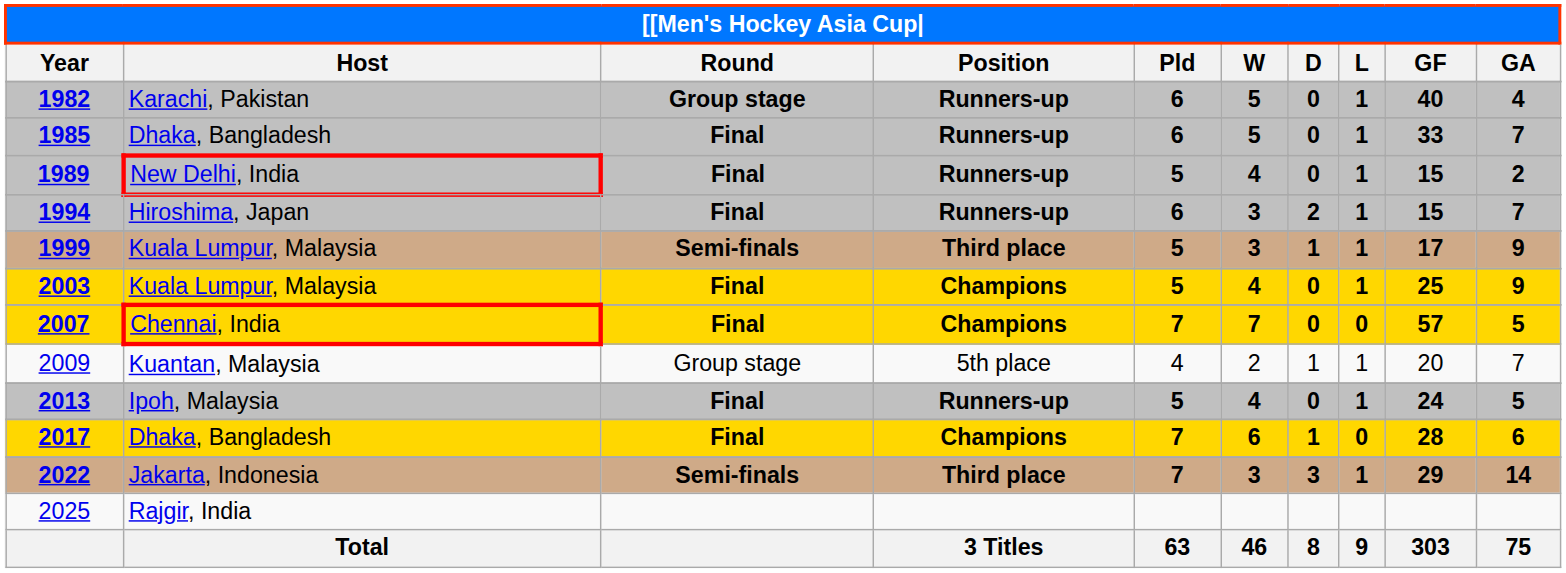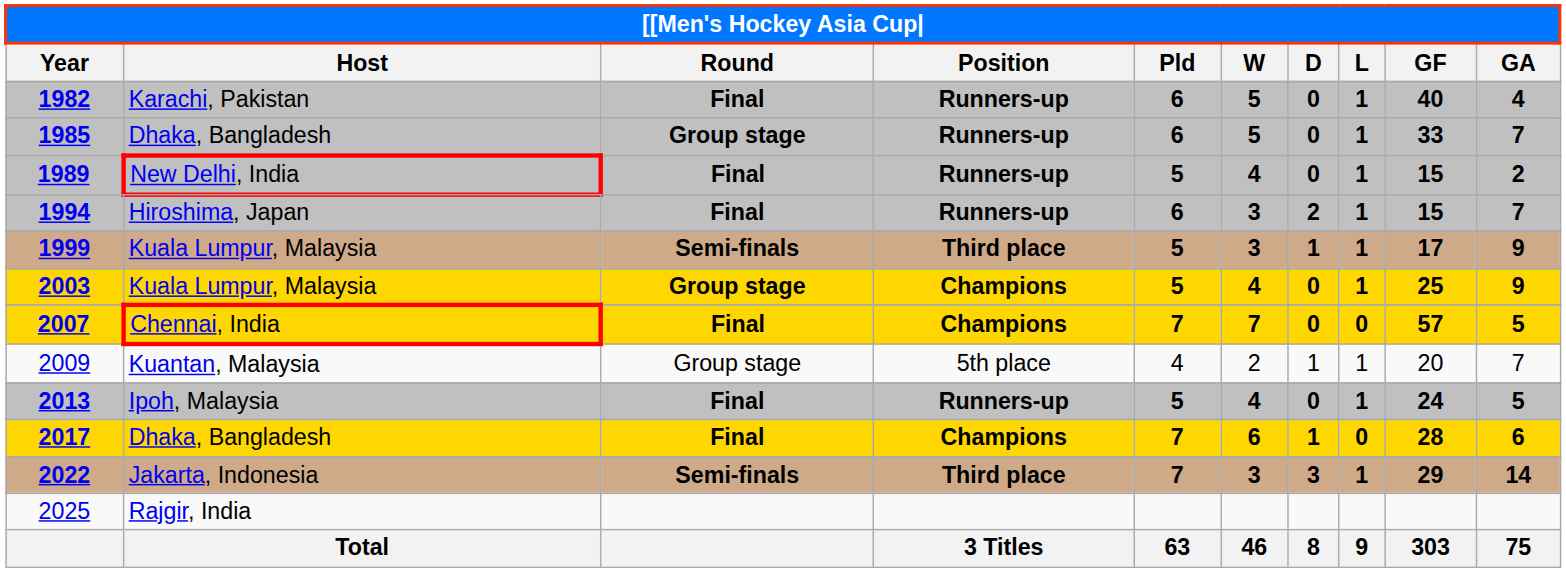 <table class="wikitable" style="text-align: center; width:85%">
 <tr>
 <th colspan=10 style="background: #0077FF;border: 2px solid #ff3300;color: #FFFFFF;">[[Men's Hockey Asia Cup|</th>
 </tr>
 <tr>
 <th>Year</th>
 <th>Host</th>
 <th>Round</th>
 <th>Position</th>
 <th>Pld</th>
 <th>W</th>
 <th>D</th>
 <th>L</th>
 <th>GF</th>
 <th>GA</th>
 </tr>
 <tr>
 </tr>
 <tr bgcolor=silver>
 <td><strong><a href='#'>1982</a></strong></td>
 <td align=left> <a href='#'>Karachi</a>, Pakistan</td>
-<td><strong>Group stage</strong></td>
+<td><strong>Final</strong></td>
 <td><strong>Runners-up</strong></td>
 <td><strong>6</strong></td>
 <td><strong>5</strong></td>
 <td><strong>0</strong></td>
 <td><strong>1</strong></td>
 <td><strong>40</strong></td>
 <td><strong>4</strong></td>
 </tr>
 <tr>
 </tr>
 <tr bgcolor=silver>
 <td><strong><a href='#'>1985</a></strong></td>
 <td align=left> <a href='#'>Dhaka</a>, Bangladesh</td>
-<td><strong>Final</strong></td>
+<td><strong>Group stage</strong></td>
 <td><strong>Runners-up</strong></td>
 <td><strong>6</strong></td>
 <td><strong>5</strong></td>
 <td><strong>0</strong></td>
 <td><strong>1</strong></td>
 <td><strong>33</strong></td>
 <td><strong>7</strong></td>
 </tr>
 <tr>
 </tr>
 <tr bgcolor=silver>
 <td><strong><a href='#'>1989</a></strong></td>
 <td style="border: 3px solid red"align=left> <a href='#'>New Delhi</a>, India</td>
 <td><strong>Final</strong></td>
 <td><strong>Runners-up</strong></td>
 <td><strong>5</strong></td>
 <td><strong>4</strong></td>
 <td><strong>0</strong></td>
 <td><strong>1</strong></td>
 <td><strong>15</strong></td>
 <td><strong>2</strong></td>
 </tr>
 <tr>
 </tr>
 <tr bgcolor=silver>
 <td><strong><a href='#'>1994</a></strong></td>
 <td align=left> <a href='#'>Hiroshima</a>, Japan</td>
 <td><strong>Final</strong></td>
 <td><strong>Runners-up</strong></td>
 <td><strong>6</strong></td>
 <td><strong>3</strong></td>
 <td><strong>2</strong></td>
 <td><strong>1</strong></td>
 <td><strong>15</strong></td>
 <td><strong>7</strong></td>
 </tr>
 <tr>
 </tr>
 <tr bgcolor=#CFAA88>
 <td><strong><a href='#'>1999</a></strong></td>
 <td align=left> <a href='#'>Kuala Lumpur</a>, Malaysia</td>
 <td><strong>Semi-finals</strong></td>
 <td><strong>Third place</strong></td>
 <td><strong>5</strong></td>
 <td><strong>3</strong></td>
 <td><strong>1</strong></td>
 <td><strong>1</strong></td>
 <td><strong>17</strong></td>
 <td><strong>9</strong></td>
 </tr>
 <tr>
 </tr>
 <tr bgcolor=gold>
 <td><strong><a href='#'>2003</a></strong></td>
 <td align=left> <a href='#'>Kuala Lumpur</a>, Malaysia</td>
-<td><strong>Final</strong></td>
+<td><strong>Group stage</strong></td>
 <td><strong>Champions</strong></td>
 <td><strong>5</strong></td>
 <td><strong>4</strong></td>
 <td><strong>0</strong></td>
 <td><strong>1</strong></td>
 <td><strong>25</strong></td>
 <td><strong>9</strong></td>
 </tr>
 <tr>
 </tr>
 <tr bgcolor=gold>
 <td><strong><a href='#'>2007</a></strong></td>
 <td style="border: 3px solid red"align=left> <a href='#'>Chennai</a>, India</td>
 <td><strong>Final</strong></td>
 <td><strong>Champions</strong></td>
 <td><strong>7</strong></td>
 <td><strong>7</strong></td>
 <td><strong>0</strong></td>
 <td><strong>0</strong></td>
 <td><strong>57</strong></td>
 <td><strong>5</strong></td>
 </tr>
 <tr>
 <td><a href='#'>2009</a></td>
 <td align=left> <a href='#'>Kuantan</a>, Malaysia</td>
 <td>Group stage</td>
 <td>5th place</td>
 <td>4</td>
 <td>2</td>
 <td>1</td>
 <td>1</td>
 <td>20</td>
 <td>7</td>
 </tr>
 <tr>
 </tr>
 <tr bgcolor=silver>
 <td><strong><a href='#'>2013</a></strong></td>
 <td align=left> <a href='#'>Ipoh</a>, Malaysia</td>
 <td><strong>Final</strong></td>
 <td><strong>Runners-up</strong></td>
 <td><strong>5</strong></td>
 <td><strong>4</strong></td>
 <td><strong>0</strong></td>
 <td><strong>1</strong></td>
 <td><strong>24</strong></td>
 <td><strong>5</strong></td>
 </tr>
 <tr>
 </tr>
 <tr bgcolor=gold>
 <td><strong><a href='#'>2017</a></strong></td>
 <td align=left> <a href='#'>Dhaka</a>, Bangladesh</td>
 <td><strong>Final</strong></td>
 <td><strong>Champions</strong></td>
 <td><strong>7</strong></td>
 <td><strong>6</strong></td>
 <td><strong>1</strong></td>
 <td><strong>0</strong></td>
 <td><strong>28</strong></td>
 <td><strong>6</strong></td>
 </tr>
 <tr>
 </tr>
 <tr bgcolor=#CFAA88>
 <td><strong><a href='#'>2022</a></strong></td>
 <td align=left> <a href='#'>Jakarta</a>, Indonesia</td>
 <td><strong>Semi-finals</strong></td>
 <td><strong>Third place</strong></td>
 <td><strong>7</strong></td>
 <td><strong>3</strong></td>
 <td><strong>3</strong></td>
 <td><strong>1</strong></td>
 <td><strong>29</strong></td>
 <td><strong>14</strong></td>
 </tr>
 <tr>
 <td><a href='#'>2025</a></td>
 <td align=left> <a href='#'>Rajgir</a>, India</td>
 <td></td>
 <td></td>
 <td></td>
 <td></td>
 <td></td>
 <td></td>
 <td></td>
 <td></td>
 </tr>
 <tr>
 <th></th>
 <th>Total</th>
 <th></th>
 <th>3 Titles</th>
 <th>63</th>
 <th>46</th>
 <th>8</th>
 <th>9</th>
 <th>303</th>
 <th>75</th>
 </tr>
 </table>
